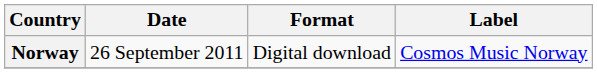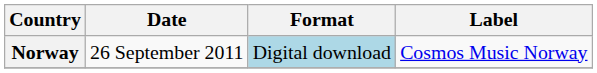 <table class="wikitable plainrowheaders">
 <tr>
 <th scope="col">Country</th>
 <th scope="col">Date</th>
 <th scope="col">Format</th>
 <th scope="col">Label</th>
 </tr>
 <tr>
 <th scope="row">Norway</th>
 <td>26 September 2011</td>
-<td>Digital download</td>
+<td style="background: lightblue;">Digital download</td>
 <td><a href='#'>Cosmos Music Norway</a></td>
 </tr>
 <tr>
 </tr>
 </table>
